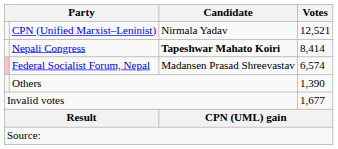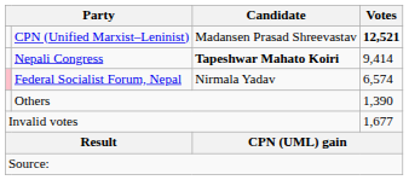 <table class="wikitable">
 <tr>
 <th colspan="2">Party</th>
 <th>Candidate</th>
 <th>Votes</th>
 </tr>
 <tr>
 <td style="background-color:"></td>
 <td><a href='#'>CPN (Unified Marxist–Leninist)</a></td>
-<td>Nirmala Yadav</td>
-<td>12,521</td>
+<td>Madansen Prasad Shreevastav</td>
+<td><strong>12,521</strong></td>
 </tr>
 <tr>
 <td style="background-color:"></td>
 <td><a href='#'>Nepali Congress</a></td>
 <td><strong>Tapeshwar Mahato Koiri</strong></td>
-<td>8,414</td>
+<td>9,414</td>
 </tr>
 <tr>
 <td style="background-color:pink"></td>
 <td><a href='#'>Federal Socialist Forum, Nepal</a></td>
-<td>Madansen Prasad Shreevastav</td>
+<td>Nirmala Yadav</td>
 <td>6,574</td>
 </tr>
 <tr>
 <td></td>
 <td colspan="2">Others</td>
 <td>1,390</td>
 </tr>
 <tr>
 <td colspan="3">Invalid votes</td>
 <td>1,677</td>
 </tr>
 <tr>
 <th colspan="2">Result</th>
 <th colspan="2">CPN (UML) gain</th>
 </tr>
 <tr>
 <td colspan="4">Source: </td>
 </tr>
 </table>
